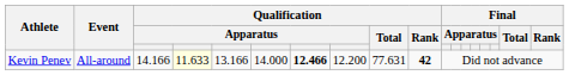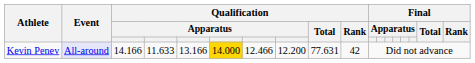 <table class="wikitable" style="font-size:90%">
 <tr>
 <th rowspan=3>Athlete</th>
 <th rowspan=3>Event</th>
 <th colspan=8>Qualification</th>
 <th colspan=8>Final</th>
 </tr>
 <tr style="font-size:95%">
 <th colspan=6>Apparatus</th>
 <th rowspan=2>Total</th>
 <th rowspan=2>Rank</th>
 <th colspan=6>Apparatus</th>
 <th rowspan=2>Total</th>
 <th rowspan=2>Rank</th>
 </tr>
 <tr style="font-size:95%">
 <th></th>
 <th></th>
 <th></th>
 <th></th>
 <th></th>
 <th></th>
 <th></th>
 <th></th>
 <th></th>
 <th></th>
 <th></th>
 <th></th>
 </tr>
 <tr align=center>
 <td align=left><a href='#'>Kevin Penev</a></td>
-<td align=left><a href='#'>All-around</a></td>
+<td align=left style="background: lavender;"><a href='#'>All-around</a></td>
 <td>14.166</td>
-<td style="background: lightyellow;">11.633</td>
+<td>11.633</td>
 <td>13.166</td>
-<td>14.000</td>
-<td><strong>12.466</strong></td>
+<td style="background: gold;">14.000</td>
+<td>12.466</td>
 <td>12.200</td>
 <td>77.631</td>
-<td><strong>42</strong></td>
+<td>42</td>
 <td colspan=8>Did not advance</td>
 </tr>
 </table>
